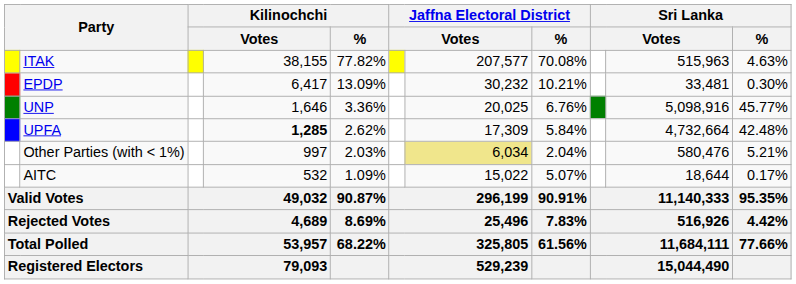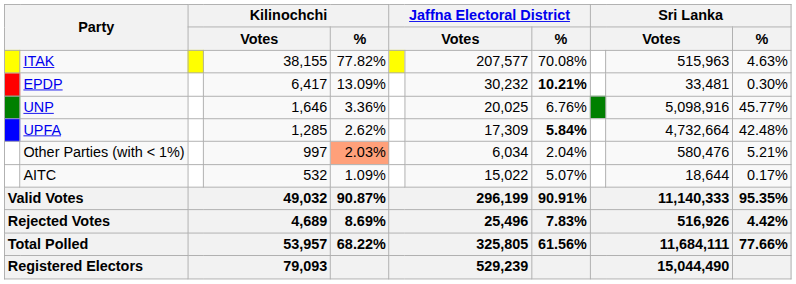 <table class="wikitable">
 <tr>
 <th colspan="2" width="144px"rowspan="2">Party</th>
 <th colspan="3" width="216px">Kilinochchi</th>
 <th colspan="3" width="216px"><a href='#'>Jaffna Electoral District</a></th>
 <th colspan="3" width="216px">Sri Lanka</th>
 </tr>
 <tr>
 <th colspan="2" width="144px">Votes</th>
 <th>%</th>
 <th colspan="2" width="144px">Votes</th>
 <th>%</th>
 <th colspan="2" width="144px">Votes</th>
 <th>%</th>
 </tr>
 <tr>
 <td style="background-color:yellow;" width="10px"></td>
 <td style="text-align:left;"><a href='#'>ITAK</a></td>
 <td style="background-color:yellow;" width="10px"></td>
 <td style="text-align:right;">38,155</td>
 <td style="text-align:right;">77.82%</td>
 <td style="background-color:yellow;" width="10px"></td>
 <td style="text-align:right;">207,577</td>
 <td style="text-align:right;">70.08%</td>
 <td style="background-color:white;" width="10px"></td>
 <td style="text-align:right;">515,963</td>
 <td style="text-align:right;">4.63%</td>
 </tr>
 <tr>
 <td style="background-color:red;" width="10px"></td>
 <td style="text-align:left;"><a href='#'>EPDP</a></td>
 <td style="background-color:white;" width="10px"></td>
 <td style="text-align:right;">6,417</td>
 <td style="text-align:right;">13.09%</td>
 <td style="background-color:white;" width="10px"></td>
 <td style="text-align:right;">30,232</td>
-<td style="text-align:right;">10.21%</td>
+<td style="text-align:right;"><strong>10.21%</strong></td>
 <td style="background-color:white;" width="10px"></td>
 <td style="text-align:right;">33,481</td>
 <td style="text-align:right;">0.30%</td>
 </tr>
 <tr>
 <td style="background-color:green;" width="10px"></td>
 <td style="text-align:left;"><a href='#'>UNP</a></td>
 <td style="background-color:white;" width="10px"></td>
 <td style="text-align:right;">1,646</td>
 <td style="text-align:right;">3.36%</td>
 <td style="background-color:white;" width="10px"></td>
 <td style="text-align:right;">20,025</td>
 <td style="text-align:right;">6.76%</td>
 <td style="background-color:green;" width="10px"></td>
 <td style="text-align:right;">5,098,916</td>
 <td style="text-align:right;">45.77%</td>
 </tr>
 <tr>
 <td style="background-color:blue;" width="10px"></td>
 <td style="text-align:left;"><a href='#'>UPFA</a></td>
 <td style="background-color:white;" width="10px"></td>
-<td style="text-align:right;"><strong>1,285</strong></td>
+<td style="text-align:right;">1,285</td>
 <td style="text-align:right;">2.62%</td>
 <td style="background-color:white;" width="10px"></td>
 <td style="text-align:right;">17,309</td>
-<td style="text-align:right;">5.84%</td>
+<td style="text-align:right;"><strong>5.84%</strong></td>
 <td style="background-color:white;" width="10px"></td>
 <td style="text-align:right;">4,732,664</td>
 <td style="text-align:right;">42.48%</td>
 </tr>
 <tr>
 <td style="background-color:white;" width="10px"></td>
 <td style="text-align:left;">Other Parties (with < 1%)</td>
 <td style="background-color:white;" width="10px"></td>
 <td style="text-align:right;">997</td>
-<td style="text-align:right;">2.03%</td>
+<td style="background: lightsalmon; text-align:right;">2.03%</td>
 <td style="background-color:white;" width="10px"></td>
-<td style="background: khaki; text-align:right;">6,034</td>
+<td style="text-align:right;">6,034</td>
 <td style="text-align:right;">2.04%</td>
 <td style="background-color:white;" width="10px"></td>
 <td style="text-align:right;">580,476</td>
 <td style="text-align:right;">5.21%</td>
 </tr>
 <tr>
 <td style="background-color:white;" width="10px"></td>
 <td style="text-align:left;">AITC</td>
 <td style="background-color:white;" width="10px"></td>
 <td style="text-align:right;">532</td>
 <td style="text-align:right;">1.09%</td>
 <td style="background-color:white;" width="10px"></td>
 <td style="text-align:right;">15,022</td>
 <td style="text-align:right;">5.07%</td>
 <td style="background-color:white;" width="10px"></td>
 <td style="text-align:right;">18,644</td>
 <td style="text-align:right;">0.17%</td>
 </tr>
 <tr>
 <th colspan="2" width="144px"style="text-align:left;">Valid Votes</th>
 <th style="text-align:right;"colspan="2" width="144px">49,032</th>
 <th style="text-align:right;">90.87%</th>
 <th style="text-align:right;"colspan="2" width="144px">296,199</th>
 <th style="text-align:right;">90.91%</th>
 <th style="text-align:right;"colspan="2" width="144px">11,140,333</th>
 <th style="text-align:right;">95.35%</th>
 </tr>
 <tr>
 <th colspan="2" width="144px"style="text-align:left;">Rejected Votes</th>
 <th style="text-align:right;"colspan="2" width="144px">4,689</th>
 <th style="text-align:right;">8.69%</th>
 <th style="text-align:right;"colspan="2" width="144px">25,496</th>
 <th style="text-align:right;">7.83%</th>
 <th style="text-align:right;"colspan="2" width="144px">516,926</th>
 <th style="text-align:right;">4.42%</th>
 </tr>
 <tr>
 <th colspan="2" width="144px"style="text-align:left;">Total Polled</th>
 <th style="text-align:right;"colspan="2" width="144px">53,957</th>
 <th style="text-align:right;">68.22%</th>
 <th style="text-align:right;"colspan="2" width="144px">325,805</th>
 <th style="text-align:right;">61.56%</th>
 <th style="text-align:right;"colspan="2" width="144px">11,684,111</th>
 <th style="text-align:right;">77.66%</th>
 </tr>
 <tr>
 <th colspan="2" width="144px"style="text-align:left;">Registered Electors</th>
 <th style="text-align:right;"colspan="2" width="144px">79,093</th>
 <th></th>
 <th style="text-align:right;"colspan="2" width="144px">529,239</th>
 <th></th>
 <th style="text-align:right;"colspan="2" width="144px">15,044,490</th>
 <th></th>
 </tr>
 </table>
